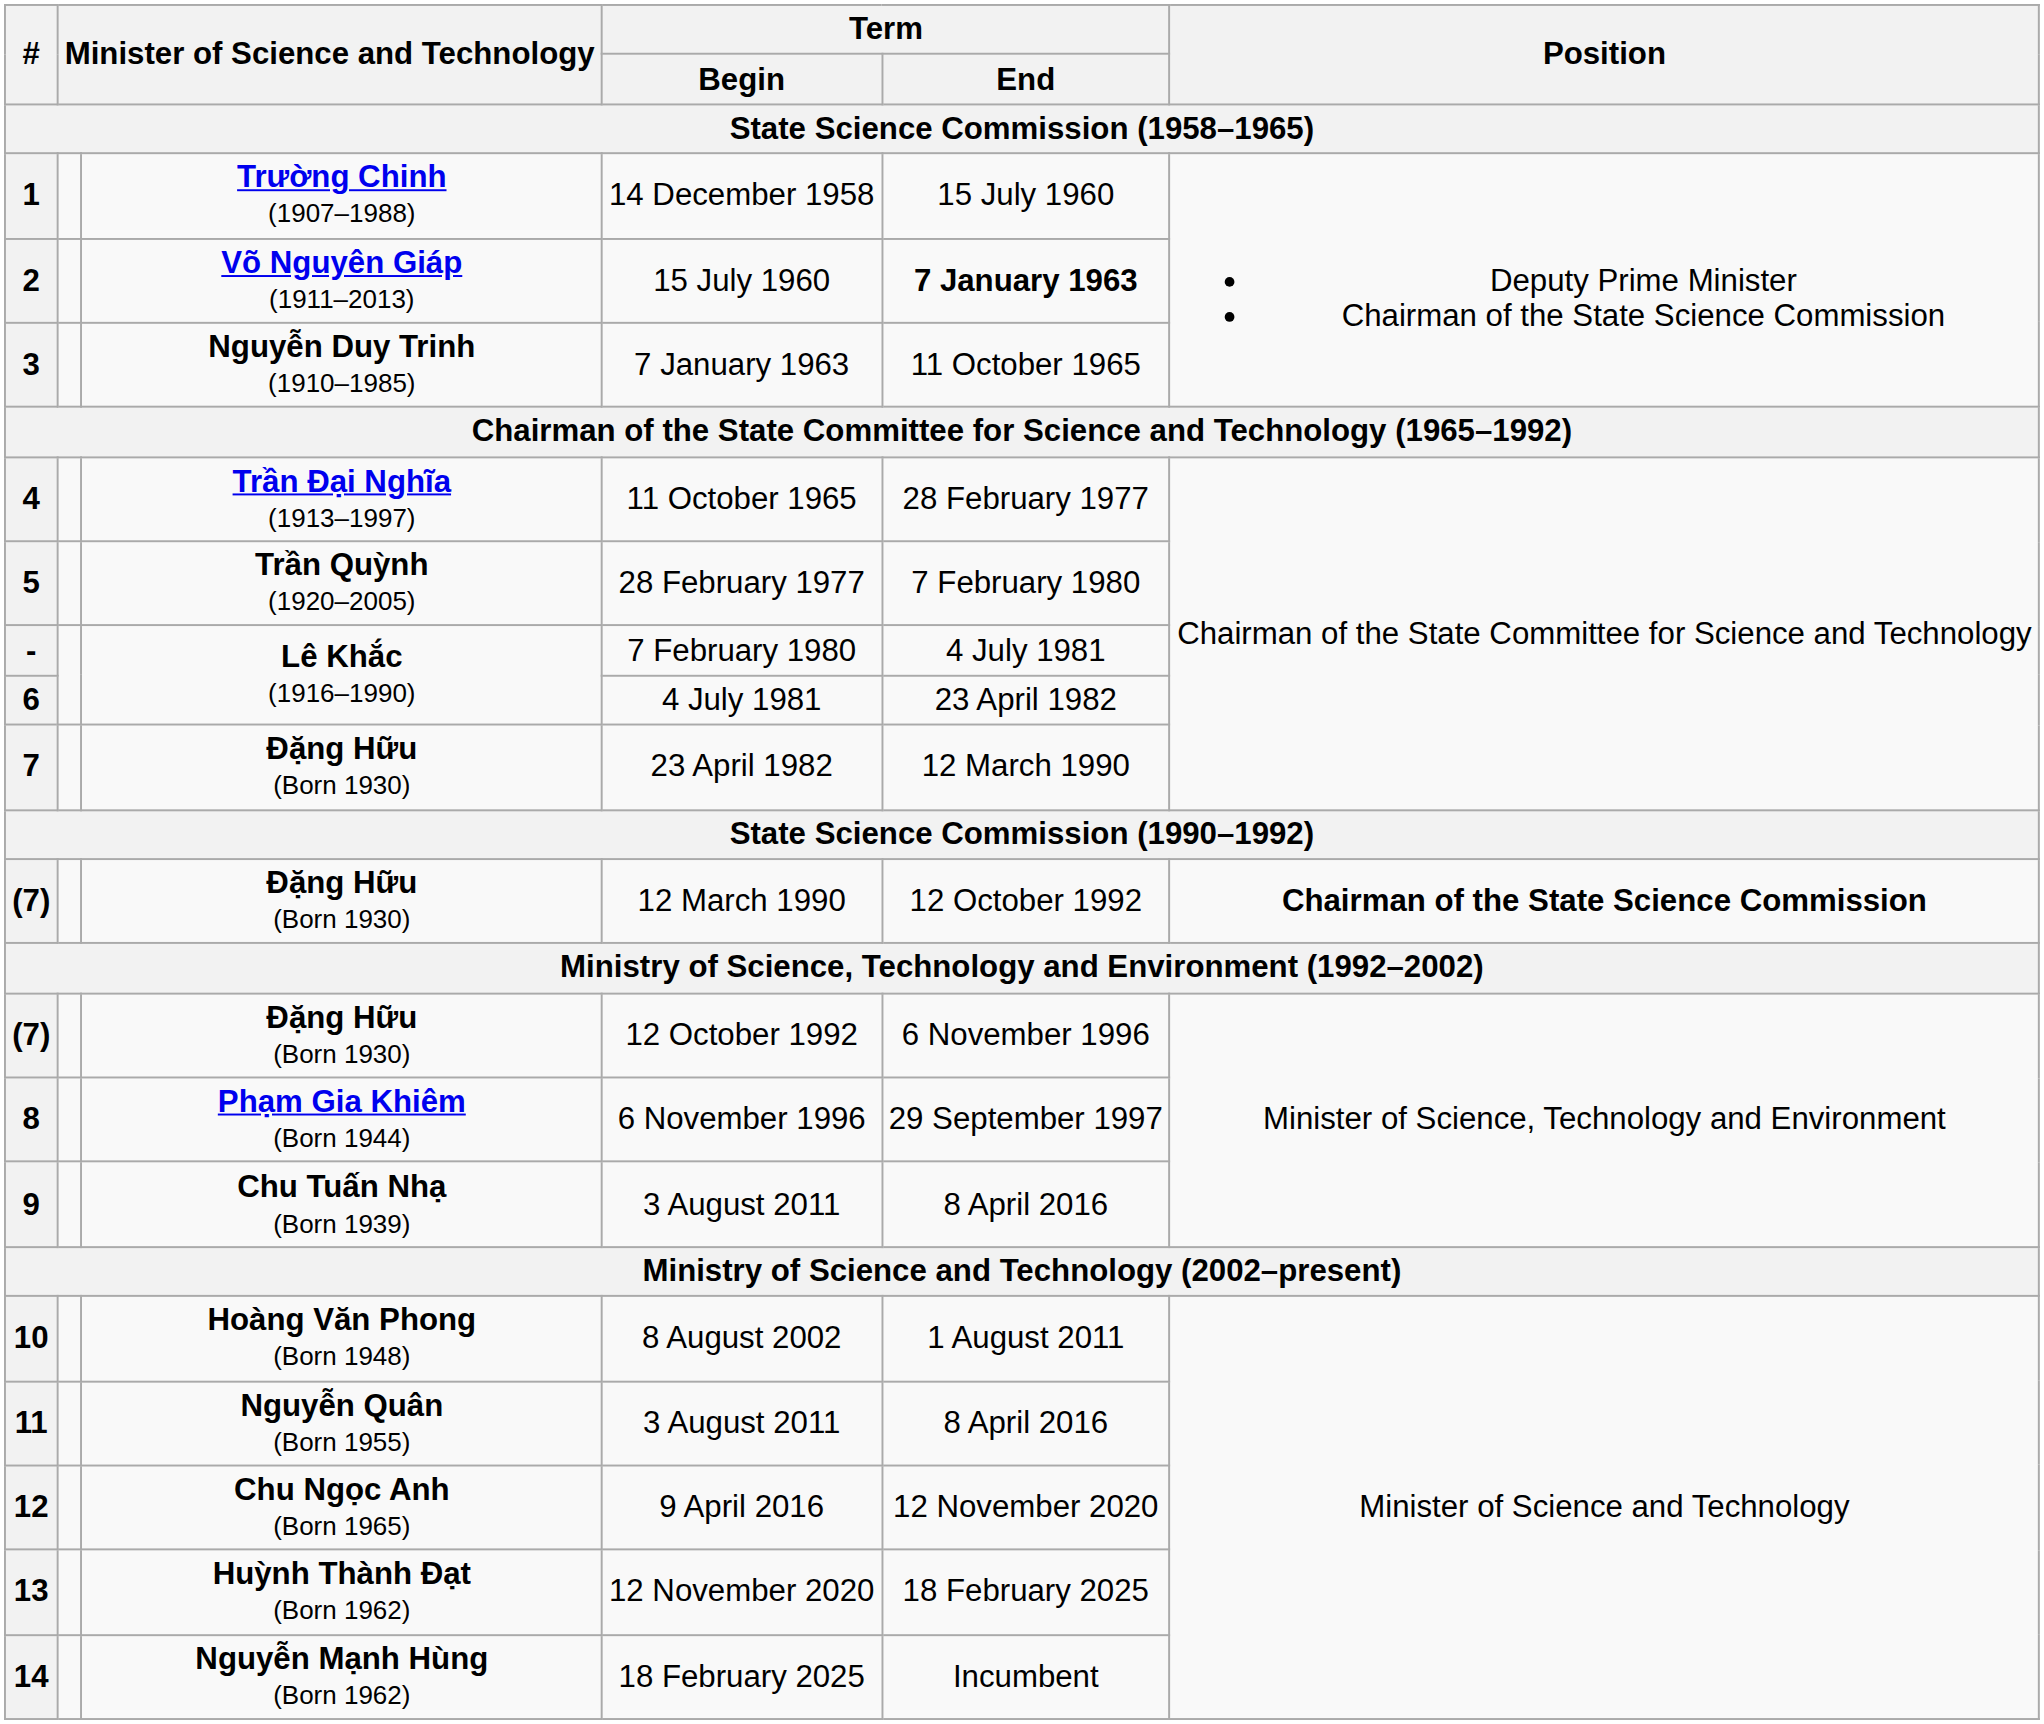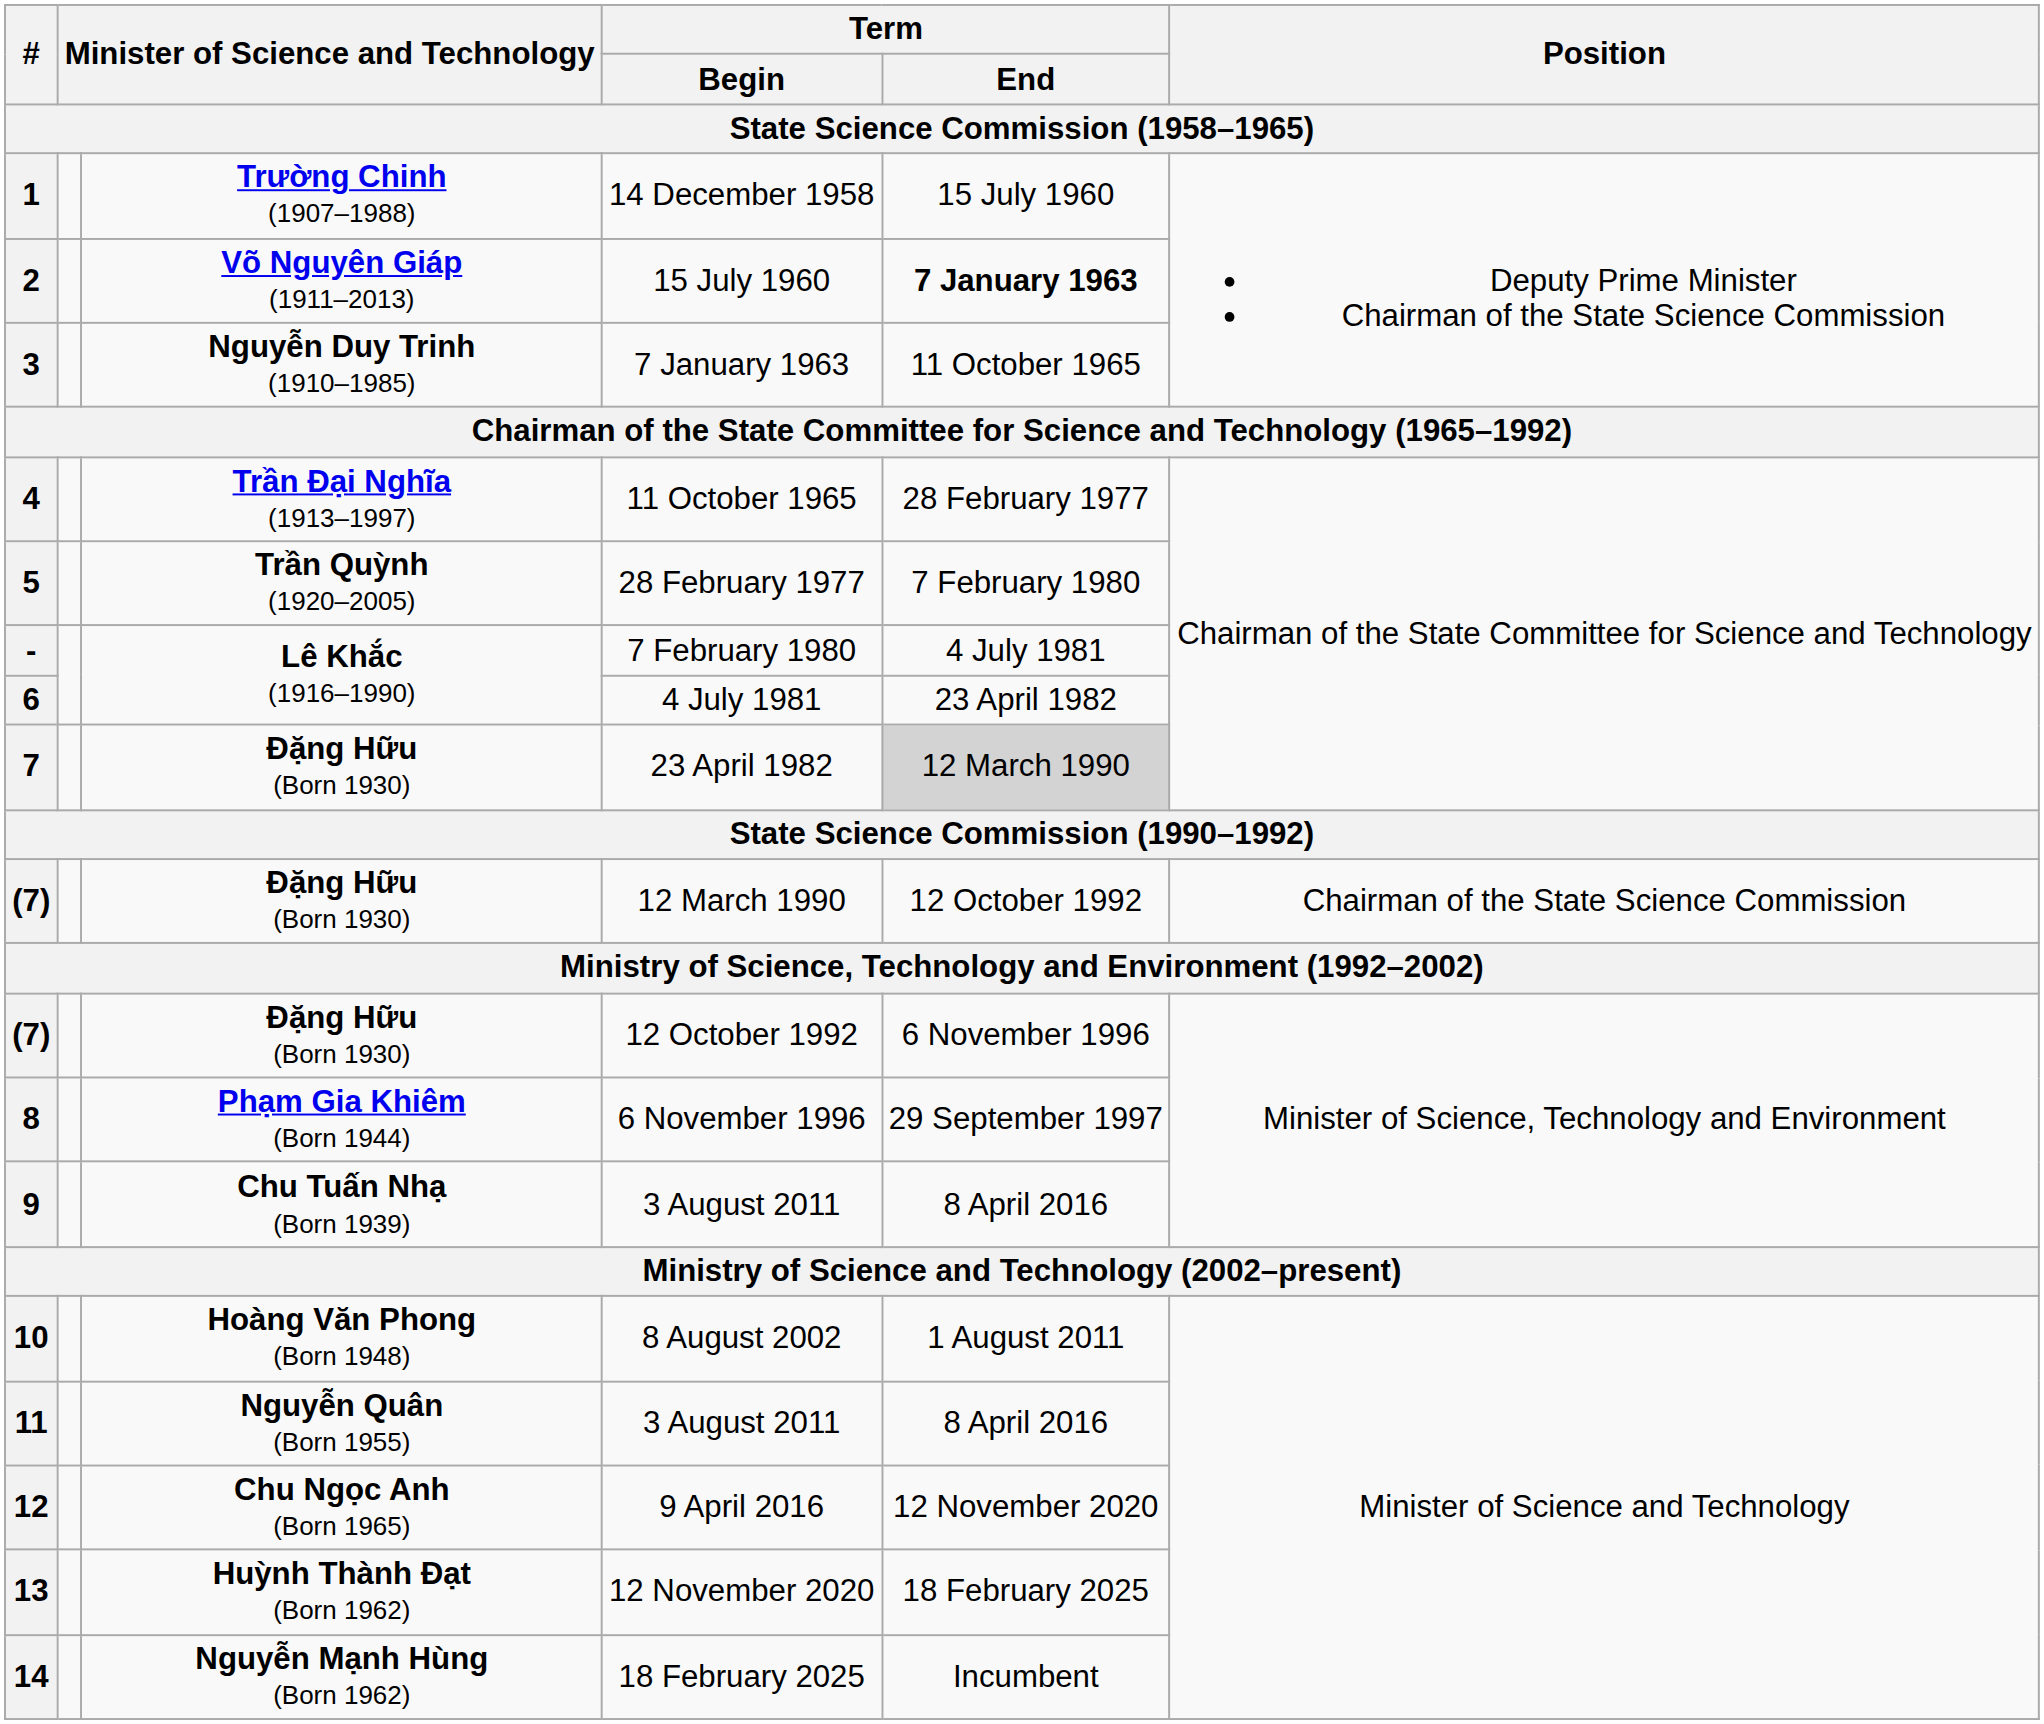 <table class="wikitable" style="text-align: center;">
 <tr>
 <th rowspan="2" scope="width:10em;">#</th>
 <th colspan="2" rowspan="2" scope="width:10em;">Minister of Science and Technology</th>
 <th colspan="2" scope="width:10em;">Term</th>
 <th rowspan="2" scope="width:10em;">Position</th>
 </tr>
 <tr>
 <th scope="width:10em;">Begin</th>
 <th scope="width:10em;">End</th>
 </tr>
 <tr>
 <th colspan="6">State Science Commission (1958–1965)</th>
 </tr>
 <tr>
 <th>1</th>
 <td></td>
 <td><strong><a href='#'>Trường Chinh</a></strong><br><small>(1907–1988)</small></td>
 <td>14 December 1958</td>
 <td>15 July 1960</td>
 <td rowspan="3"><br><ul><li>Deputy Prime Minister</li><li>Chairman of the State Science Commission</li></ul></td>
 </tr>
 <tr>
 <th>2</th>
 <td></td>
 <td><strong><a href='#'>Võ Nguyên Giáp</a></strong><br><small>(1911–2013)</small></td>
 <td>15 July 1960</td>
 <td><strong>7 January 1963</strong></td>
 </tr>
 <tr>
 <th>3</th>
 <td></td>
 <td><strong>Nguyễn Duy Trinh</strong><br><small>(1910–1985)</small></td>
 <td>7 January 1963</td>
 <td>11 October 1965</td>
 </tr>
 <tr>
 <th colspan="6">Chairman of the State Committee for Science and Technology (1965–1992)</th>
 </tr>
 <tr>
 <th>4</th>
 <td></td>
 <td><strong><a href='#'>Trần Đại Nghĩa</a></strong><br><small>(1913–1997)</small></td>
 <td>11 October 1965</td>
 <td>28 February 1977</td>
 <td rowspan="5">Chairman of the State Committee for Science and Technology</td>
 </tr>
 <tr>
 <th>5</th>
 <td></td>
 <td><strong>Trần Quỳnh</strong><br><small>(1920–2005)</small></td>
 <td>28 February 1977</td>
 <td>7 February 1980</td>
 </tr>
 <tr>
 <th>-</th>
 <td rowspan="2"></td>
 <td rowspan="2"><strong>Lê Khắc</strong><br><small>(1916–1990)</small></td>
 <td>7 February 1980</td>
 <td>4 July 1981</td>
 </tr>
 <tr>
 <th>6</th>
 <td>4 July 1981</td>
 <td>23 April 1982</td>
 </tr>
 <tr>
 <th>7</th>
 <td></td>
 <td><strong>Đặng Hữu</strong><br><small>(Born 1930)</small></td>
 <td>23 April 1982</td>
-<td>12 March 1990</td>
+<td style="background: lightgrey;">12 March 1990</td>
 </tr>
 <tr>
 <th colspan="6">State Science Commission (1990–1992)</th>
 </tr>
 <tr>
 <th>(7)</th>
 <td></td>
 <td><strong>Đặng Hữu</strong><br><small>(Born 1930)</small></td>
 <td>12 March 1990</td>
 <td>12 October 1992</td>
-<td><strong>Chairman of the State Science Commission</strong></td>
+<td>Chairman of the State Science Commission</td>
 </tr>
 <tr>
 <th colspan="6">Ministry of Science, Technology and Environment (1992–2002)</th>
 </tr>
 <tr>
 <th>(7)</th>
 <td></td>
 <td><strong>Đặng Hữu</strong><br><small>(Born 1930)</small></td>
 <td>12 October 1992</td>
 <td>6 November 1996</td>
 <td rowspan="3">Minister of Science, Technology and Environment</td>
 </tr>
 <tr>
 <th>8</th>
 <td></td>
 <td><strong><a href='#'>Phạm Gia Khiêm</a></strong><br><small>(Born 1944)</small></td>
 <td>6 November 1996</td>
 <td>29 September 1997</td>
 </tr>
 <tr>
 <th>9</th>
 <td></td>
 <td><strong>Chu Tuấn Nhạ</strong><br><small>(Born 1939)</small></td>
 <td>3 August 2011</td>
 <td>8 April 2016</td>
 </tr>
 <tr>
 <th colspan="6">Ministry of Science and Technology (2002–present)</th>
 </tr>
 <tr>
 <th>10</th>
 <td></td>
 <td><strong>Hoàng Văn Phong</strong><br><small>(Born 1948)</small></td>
 <td>8 August 2002</td>
 <td>1 August 2011</td>
 <td rowspan="5">Minister of Science and Technology</td>
 </tr>
 <tr>
 <th>11</th>
 <td></td>
 <td><strong>Nguyễn Quân</strong><br><small>(Born 1955)</small></td>
 <td>3 August 2011</td>
 <td>8 April 2016</td>
 </tr>
 <tr>
 <th>12</th>
 <td></td>
 <td><strong>Chu Ngọc Anh</strong><br><small>(Born 1965)</small></td>
 <td>9 April 2016</td>
 <td>12 November 2020</td>
 </tr>
 <tr>
 <th>13</th>
 <td></td>
 <td><strong>Huỳnh Thành Đạt</strong><br><small>(Born 1962)</small></td>
 <td>12 November 2020</td>
 <td>18 February 2025</td>
 </tr>
 <tr>
 <th>14</th>
 <td></td>
 <td><strong>Nguyễn Mạnh Hùng</strong><br><small>(Born 1962)</small></td>
 <td>18 February 2025</td>
 <td>Incumbent</td>
 </tr>
 </table>
